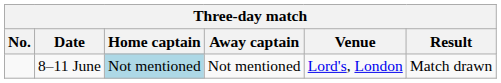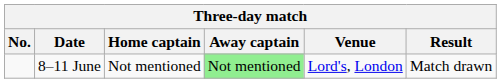 <table class="wikitable">
 <tr>
 <th colspan="9">Three-day match</th>
 </tr>
 <tr>
 <th>No.</th>
 <th>Date</th>
 <th>Home captain</th>
 <th>Away captain</th>
 <th>Venue</th>
 <th>Result</th>
 </tr>
 <tr>
 <td></td>
 <td>8–11 June</td>
-<td style="background: lightblue;">Not mentioned</td>
 <td>Not mentioned</td>
+<td style="background: lightgreen;">Not mentioned</td>
 <td><a href='#'>Lord's</a>, <a href='#'>London</a></td>
 <td>Match drawn</td>
 </tr>
 </table>
